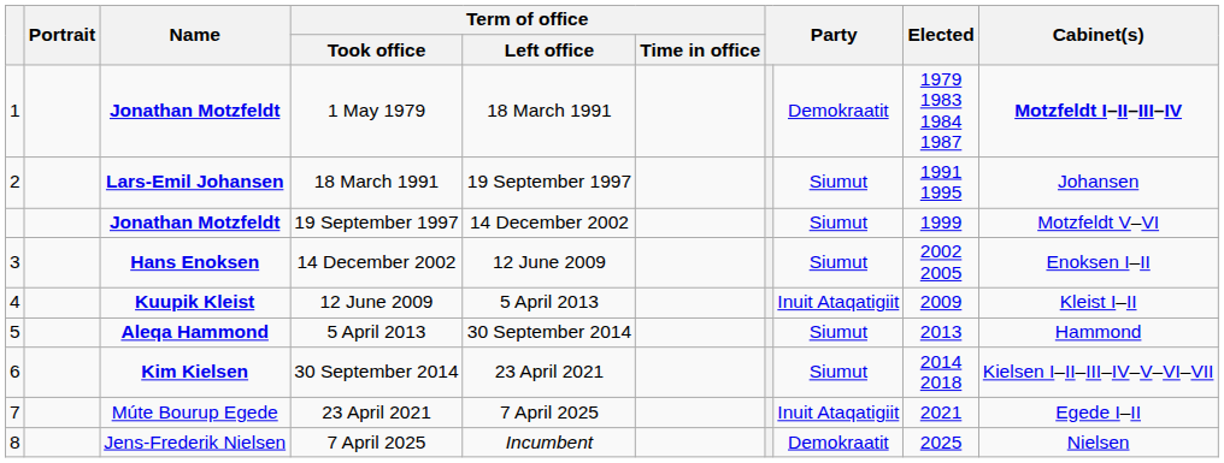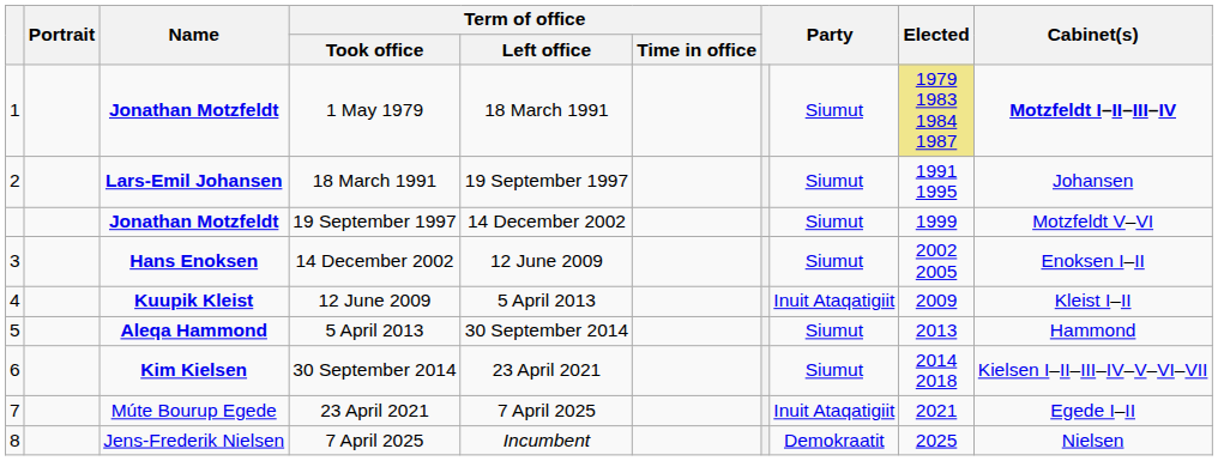 <table class="wikitable" style="text-align:center">
 <tr>
 <th rowspan=2></th>
 <th rowspan=2>Portrait</th>
 <th rowspan=2>Name<br></th>
 <th colspan=3>Term of office</th>
 <th colspan=2 rowspan=2>Party</th>
 <th rowspan=2>Elected</th>
 <th rowspan=2>Cabinet(s)</th>
 </tr>
 <tr>
 <th>Took office</th>
 <th>Left office</th>
 <th>Time in office</th>
 </tr>
 <tr>
 <td>1</td>
 <td></td>
 <td><strong><a href='#'>Jonathan Motzfeldt</a></strong><br></td>
 <td>1 May 1979</td>
 <td>18 March 1991</td>
 <td></td>
 <th style="background:"></th>
-<td><a href='#'>Demokraatit</a></td>
-<td><a href='#'>1979</a><br><a href='#'>1983</a><br><a href='#'>1984</a><br><a href='#'>1987</a></td>
+<td><a href='#'>Siumut</a></td>
+<td style="background: khaki;"><a href='#'>1979</a><br><a href='#'>1983</a><br><a href='#'>1984</a><br><a href='#'>1987</a></td>
 <td><strong><a href='#'>Motzfeldt I</a>–<a href='#'>II</a>–<a href='#'>III</a>–<a href='#'>IV</a></strong></td>
 </tr>
 <tr>
 <td>2</td>
 <td></td>
 <td><strong><a href='#'>Lars-Emil Johansen</a></strong><br></td>
 <td>18 March 1991</td>
 <td>19 September 1997</td>
 <td></td>
 <th style="background:"></th>
 <td><a href='#'>Siumut</a></td>
 <td><a href='#'>1991</a><br><a href='#'>1995</a></td>
 <td><a href='#'>Johansen</a></td>
 </tr>
 <tr>
 <td></td>
 <td></td>
 <td><strong><a href='#'>Jonathan Motzfeldt</a></strong><br></td>
 <td>19 September 1997</td>
 <td>14 December 2002</td>
 <td></td>
 <th style="background:"></th>
 <td><a href='#'>Siumut</a></td>
 <td><a href='#'>1999</a></td>
 <td><a href='#'>Motzfeldt V</a>–<a href='#'>VI</a></td>
 </tr>
 <tr>
 <td>3</td>
 <td></td>
 <td><strong><a href='#'>Hans Enoksen</a></strong><br></td>
 <td>14 December 2002</td>
 <td>12 June 2009</td>
 <td></td>
 <th style="background:"></th>
 <td><a href='#'>Siumut</a></td>
 <td><a href='#'>2002</a><br><a href='#'>2005</a></td>
 <td><a href='#'>Enoksen I</a>–<a href='#'>II</a></td>
 </tr>
 <tr>
 <td>4</td>
 <td></td>
 <td><strong><a href='#'>Kuupik Kleist</a></strong><br></td>
 <td>12 June 2009</td>
 <td>5 April 2013</td>
 <td></td>
 <th style="background:"></th>
 <td><a href='#'>Inuit Ataqatigiit</a></td>
 <td><a href='#'>2009</a></td>
 <td><a href='#'>Kleist I</a>–<a href='#'>II</a></td>
 </tr>
 <tr>
 <td>5</td>
 <td></td>
 <td><strong><a href='#'>Aleqa Hammond</a></strong><br></td>
 <td>5 April 2013</td>
 <td>30 September 2014</td>
 <td></td>
 <th style="background:"></th>
 <td><a href='#'>Siumut</a></td>
 <td><a href='#'>2013</a></td>
 <td><a href='#'>Hammond</a></td>
 </tr>
 <tr>
 <td>6</td>
 <td></td>
 <td><strong><a href='#'>Kim Kielsen</a></strong><br></td>
 <td>30 September 2014</td>
 <td>23 April 2021</td>
 <td></td>
 <th style="background:"></th>
 <td><a href='#'>Siumut</a></td>
 <td><a href='#'>2014</a><br><a href='#'>2018</a></td>
 <td><a href='#'>Kielsen I</a>–<a href='#'>II</a>–<a href='#'>III</a>–<a href='#'>IV</a>–<a href='#'>V</a>–<a href='#'>VI</a>–<a href='#'>VII</a></td>
 </tr>
 <tr>
 <td>7</td>
 <td></td>
 <td><a href='#'>Múte Bourup Egede</a><br></td>
 <td>23 April 2021</td>
 <td>7 April 2025</td>
 <td></td>
 <th style="background:"></th>
 <td><a href='#'>Inuit Ataqatigiit</a></td>
 <td><a href='#'>2021</a></td>
 <td><a href='#'>Egede I</a>–<a href='#'>II</a></td>
 </tr>
 <tr>
 <td>8</td>
 <td></td>
 <td><a href='#'>Jens-Frederik Nielsen</a><br></td>
 <td>7 April 2025</td>
 <td><em>Incumbent</em></td>
 <td></td>
 <th style="background:"></th>
 <td><a href='#'>Demokraatit</a></td>
 <td><a href='#'>2025</a></td>
 <td><a href='#'>Nielsen</a></td>
 </tr>
 </table>
